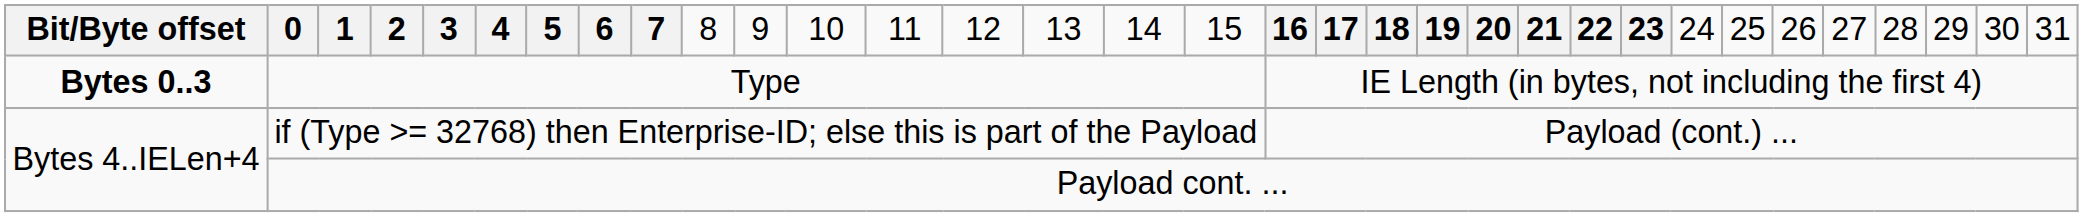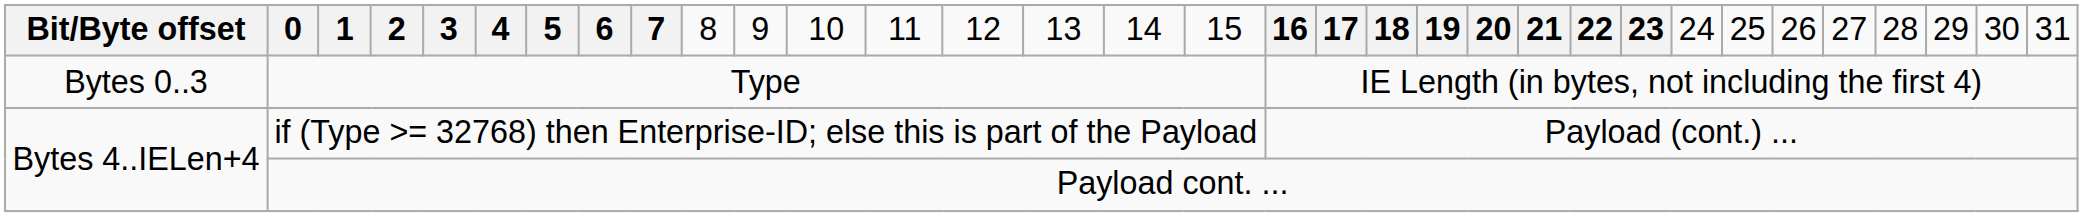 <table class="wikitable" style="text-align: center;">
 <tr>
 <th>Bit/Byte offset</th>
 <th>0</th>
 <th>1</th>
 <th>2</th>
 <th>3</th>
 <th>4</th>
 <th>5</th>
 <th>6</th>
 <th>7</th>
 <td>8</td>
 <td>9</td>
 <td>10</td>
 <td>11</td>
 <td>12</td>
 <td>13</td>
 <td>14</td>
 <td>15</td>
 <th>16</th>
 <th>17</th>
 <th>18</th>
 <th>19</th>
 <th>20</th>
 <th>21</th>
 <th>22</th>
 <th>23</th>
 <td>24</td>
 <td>25</td>
 <td>26</td>
 <td>27</td>
 <td>28</td>
 <td>29</td>
 <td>30</td>
 <td>31</td>
 </tr>
 <tr>
-<td><strong>Bytes 0..3</strong></td>
+<td>Bytes 0..3</td>
 <td colspan="16">Type</td>
 <td colspan="16">IE Length (in bytes, not including the first 4)</td>
 </tr>
 <tr>
 <td rowspan="2">Bytes 4..IELen+4</td>
 <td colspan="16">if (Type >= 32768) then Enterprise-ID; else this is part of the Payload</td>
 <td colspan="16">Payload (cont.) ...</td>
 </tr>
 <tr>
 <td colspan="32">Payload cont. ...</td>
 </tr>
 </table>
